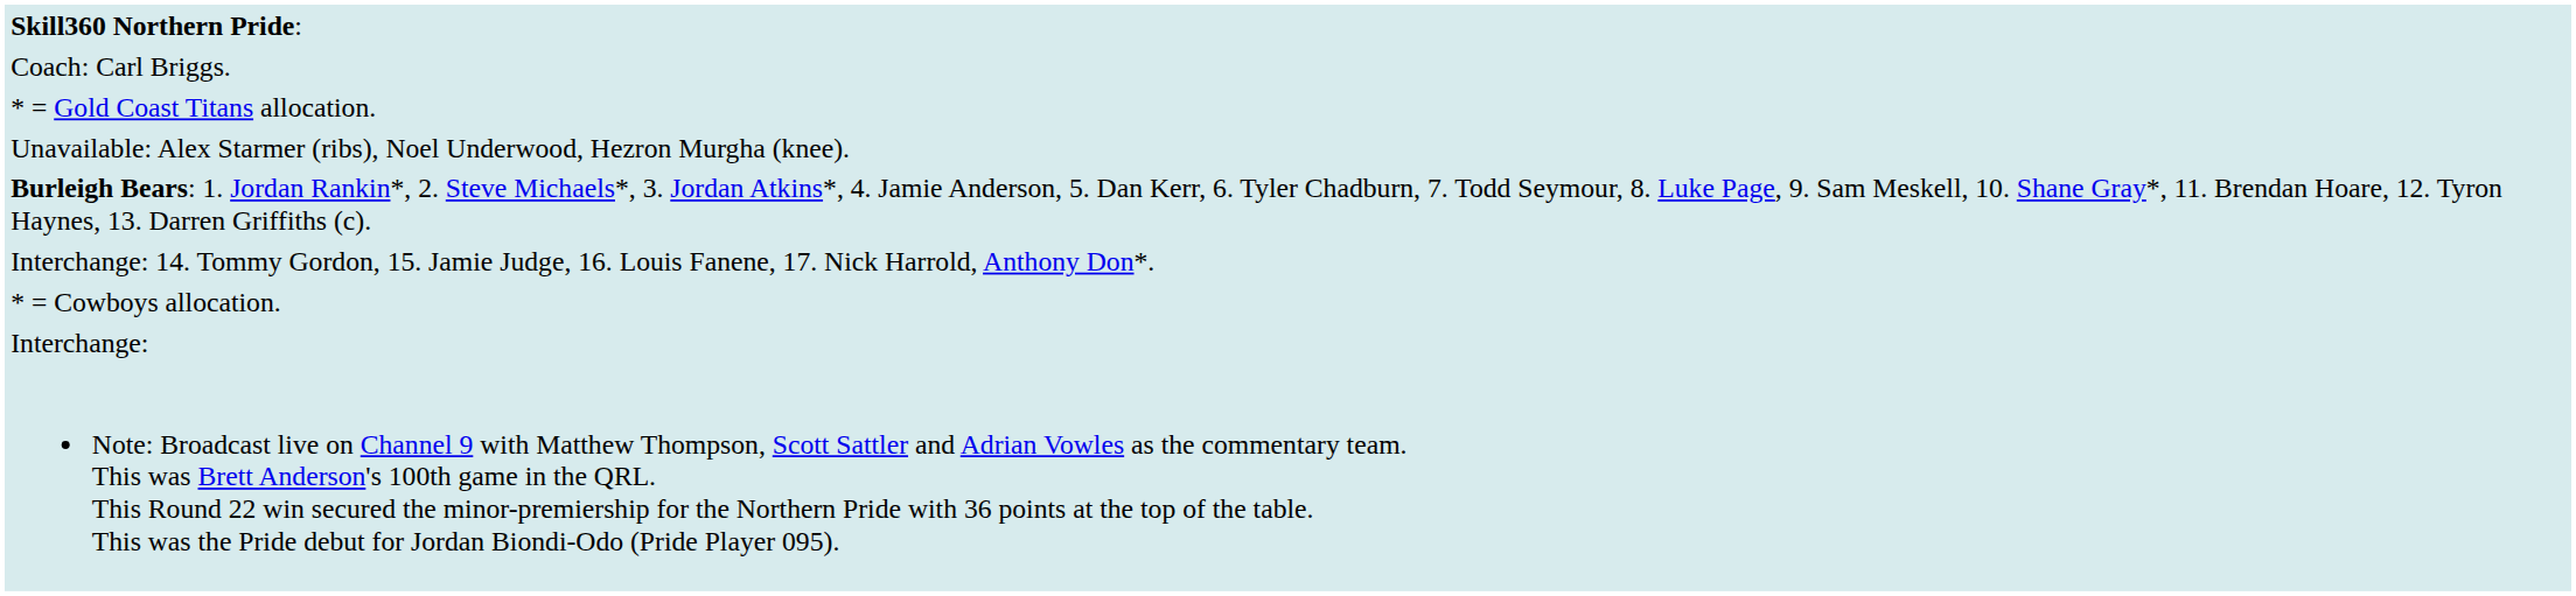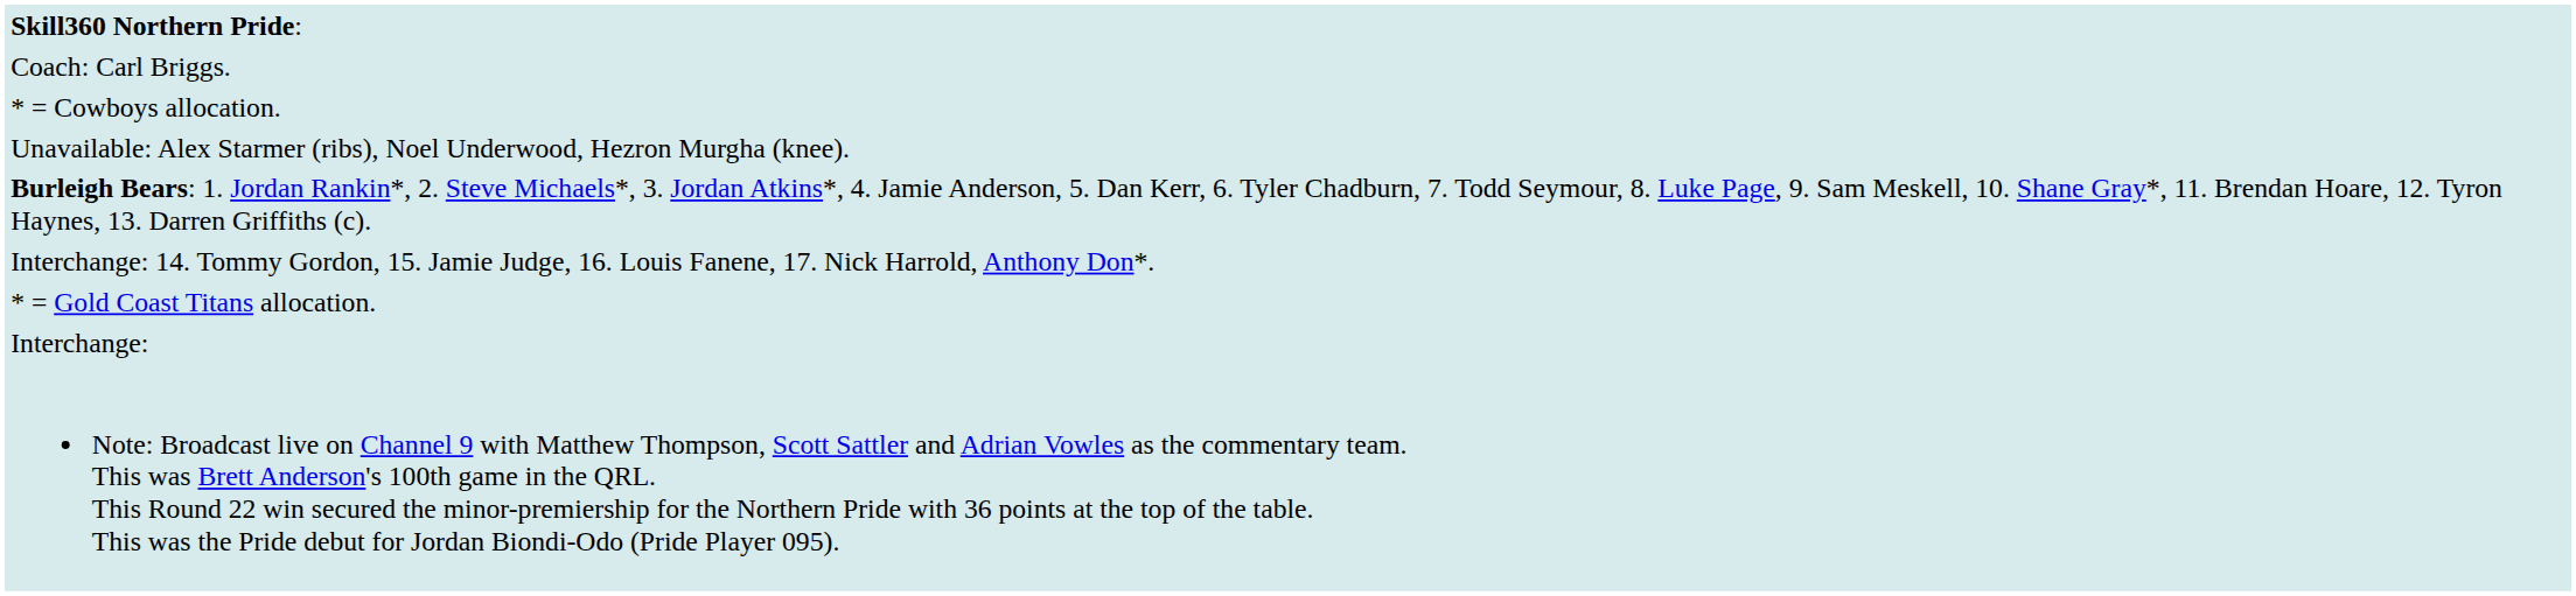 <table style="background:#d7ebed; font-size:85%; width:100%;">
 <tr>
 <td><strong>Skill360 Northern Pride</strong>:             </td>
 </tr>
 <tr>
 <td>Coach: Carl Briggs.</td>
 </tr>
 <tr>
-<td>* = <a href='#'>Gold Coast Titans</a> allocation.</td>
+<td>* = Cowboys allocation.</td>
 </tr>
 <tr>
 <td>Unavailable: Alex Starmer (ribs), Noel Underwood, Hezron Murgha (knee).</td>
 </tr>
 <tr>
 <td><strong>Burleigh Bears</strong>: 1. <a href='#'>Jordan Rankin</a>*, 2. <a href='#'>Steve Michaels</a>*, 3. <a href='#'>Jordan Atkins</a>*, 4. Jamie Anderson, 5. Dan Kerr, 6. Tyler Chadburn, 7. Todd Seymour, 8. <a href='#'>Luke Page</a>, 9. Sam Meskell, 10. <a href='#'>Shane Gray</a>*, 11. Brendan Hoare, 12. Tyron Haynes, 13. Darren Griffiths (c).</td>
 </tr>
 <tr>
 <td>Interchange: 14. Tommy Gordon, 15. Jamie Judge, 16. Louis Fanene, 17. Nick Harrold, <a href='#'>Anthony Don</a>*.</td>
 </tr>
 <tr>
-<td>* = Cowboys allocation.</td>
+<td>* = <a href='#'>Gold Coast Titans</a> allocation.</td>
 </tr>
 <tr>
 <td>Interchange:    </td>
 </tr>
 <tr>
 <td><br><ul><li>Note: Broadcast live on <a href='#'>Channel 9</a> with Matthew Thompson, <a href='#'>Scott Sattler</a> and <a href='#'>Adrian Vowles</a> as the commentary team.<br>This was <a href='#'>Brett Anderson</a>'s 100th game in the QRL.<br> This Round 22 win secured the minor-premiership for the Northern Pride with 36 points at the top of the table.<br>This was the Pride debut for Jordan Biondi-Odo (Pride Player 095).</li></ul></td>
 </tr>
 </table>
